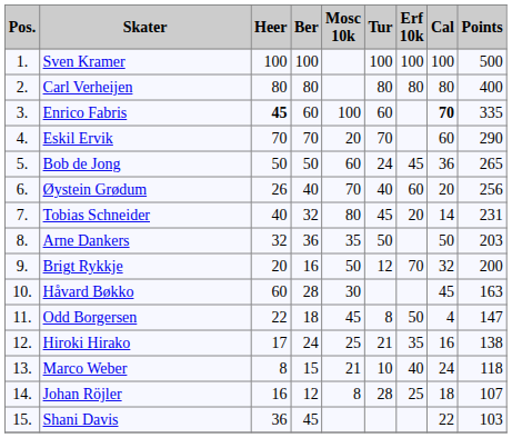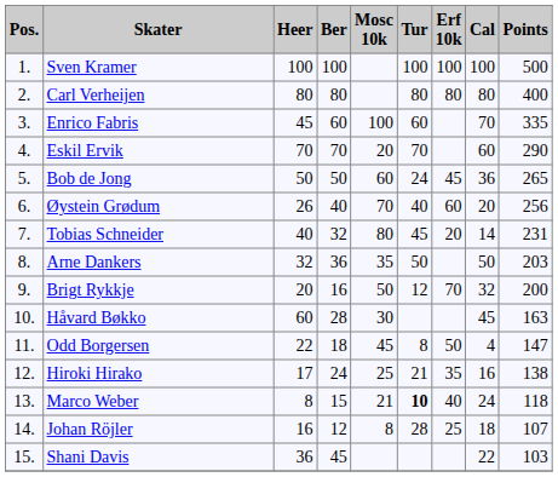 <table bgcolor="#f7f8ff" cellpadding="3" cellspacing="0" border="1" style="font-size: 95%; border: gray solid 1px; border-collapse: collapse;">
 <tr bgcolor="#CCCCCC">
 <td align="center" width="10"><strong>Pos.</strong></td>
 <td align="center" width="200"><strong>Skater</strong></td>
 <td align="center" width="20"><strong>Heer</strong></td>
 <td align="center" width="20"><strong>Ber</strong></td>
 <td align="center" width="20"><strong>Mosc 10k</strong></td>
 <td align="center" width="20"><strong>Tur</strong></td>
 <td align="center" width="20"><strong>Erf 10k</strong></td>
 <td align="center" width="20"><strong>Cal</strong></td>
 <td align="center" width="20"><strong>Points</strong></td>
 </tr>
 <tr align="left">
 <td align="center">1.</td>
 <td> <a href='#'>Sven Kramer</a></td>
 <td align="right">100</td>
 <td align="right">100</td>
 <td align="right"></td>
 <td align="right">100</td>
 <td align="right">100</td>
 <td align="right">100</td>
 <td align="right">500</td>
 </tr>
 <tr align="left">
 <td align="center">2.</td>
 <td> <a href='#'>Carl Verheijen</a></td>
 <td align="right">80</td>
 <td align="right">80</td>
 <td align="right"></td>
 <td align="right">80</td>
 <td align="right">80</td>
 <td align="right">80</td>
 <td align="right">400</td>
 </tr>
 <tr align="left">
 <td align="center">3.</td>
 <td> <a href='#'>Enrico Fabris</a></td>
-<td align="right"><strong>45</strong></td>
+<td align="right">45</td>
 <td align="right">60</td>
 <td align="right">100</td>
 <td align="right">60</td>
 <td align="right"></td>
-<td align="right"><strong>70</strong></td>
+<td align="right">70</td>
 <td align="right">335</td>
 </tr>
 <tr align="left">
 <td align="center">4.</td>
 <td> <a href='#'>Eskil Ervik</a></td>
 <td align="right">70</td>
 <td align="right">70</td>
 <td align="right">20</td>
 <td align="right">70</td>
 <td align="right"></td>
 <td align="right">60</td>
 <td align="right">290</td>
 </tr>
 <tr align="left">
 <td align="center">5.</td>
 <td> <a href='#'>Bob de Jong</a></td>
 <td align="right">50</td>
 <td align="right">50</td>
 <td align="right">60</td>
 <td align="right">24</td>
 <td align="right">45</td>
 <td align="right">36</td>
 <td align="right">265</td>
 </tr>
 <tr align="left">
 <td align="center">6.</td>
 <td> <a href='#'>Øystein Grødum</a></td>
 <td align="right">26</td>
 <td align="right">40</td>
 <td align="right">70</td>
 <td align="right">40</td>
 <td align="right">60</td>
 <td align="right">20</td>
 <td align="right">256</td>
 </tr>
 <tr align="left">
 <td align="center">7.</td>
 <td> <a href='#'>Tobias Schneider</a></td>
 <td align="right">40</td>
 <td align="right">32</td>
 <td align="right">80</td>
 <td align="right">45</td>
 <td align="right">20</td>
 <td align="right">14</td>
 <td align="right">231</td>
 </tr>
 <tr align="left">
 <td align="center">8.</td>
 <td> <a href='#'>Arne Dankers</a></td>
 <td align="right">32</td>
 <td align="right">36</td>
 <td align="right">35</td>
 <td align="right">50</td>
 <td align="right"></td>
 <td align="right">50</td>
 <td align="right">203</td>
 </tr>
 <tr align="left">
 <td align="center">9.</td>
 <td> <a href='#'>Brigt Rykkje</a></td>
 <td align="right">20</td>
 <td align="right">16</td>
 <td align="right">50</td>
 <td align="right">12</td>
 <td align="right">70</td>
 <td align="right">32</td>
 <td align="right">200</td>
 </tr>
 <tr align="left">
 <td align="center">10.</td>
 <td> <a href='#'>Håvard Bøkko</a></td>
 <td align="right">60</td>
 <td align="right">28</td>
 <td align="right">30</td>
 <td align="right"></td>
 <td align="right"></td>
 <td align="right">45</td>
 <td align="right">163</td>
 </tr>
 <tr align="left">
 <td align="center">11.</td>
 <td> <a href='#'>Odd Borgersen</a></td>
 <td align="right">22</td>
 <td align="right">18</td>
 <td align="right">45</td>
 <td align="right">8</td>
 <td align="right">50</td>
 <td align="right">4</td>
 <td align="right">147</td>
 </tr>
 <tr align="left">
 <td align="center">12.</td>
 <td> <a href='#'>Hiroki Hirako</a></td>
 <td align="right">17</td>
 <td align="right">24</td>
 <td align="right">25</td>
 <td align="right">21</td>
 <td align="right">35</td>
 <td align="right">16</td>
 <td align="right">138</td>
 </tr>
 <tr align="left">
 <td align="center">13.</td>
 <td> <a href='#'>Marco Weber</a></td>
 <td align="right">8</td>
 <td align="right">15</td>
 <td align="right">21</td>
-<td align="right">10</td>
+<td align="right"><strong>10</strong></td>
 <td align="right">40</td>
 <td align="right">24</td>
 <td align="right">118</td>
 </tr>
 <tr align="left">
 <td align="center">14.</td>
 <td> <a href='#'>Johan Röjler</a></td>
 <td align="right">16</td>
 <td align="right">12</td>
 <td align="right">8</td>
 <td align="right">28</td>
 <td align="right">25</td>
 <td align="right">18</td>
 <td align="right">107</td>
 </tr>
 <tr align="left">
 <td align="center">15.</td>
 <td> <a href='#'>Shani Davis</a></td>
 <td align="right">36</td>
 <td align="right">45</td>
 <td align="right"></td>
 <td align="right"></td>
 <td align="right"></td>
 <td align="right">22</td>
 <td align="right">103</td>
 </tr>
 <tr>
 </tr>
 </table>
